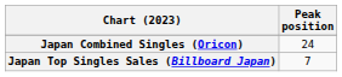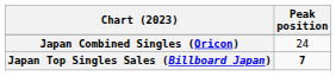 <table class="wikitable sortable plainrowheaders" style="text-align:center">
 <tr>
 <th scope="col">Chart (2023)</th>
 <th scope="col">Peak<br>position</th>
 </tr>
 <tr>
 </tr>
 <tr>
 <th scope="row">Japan Combined Singles (<a href='#'>Oricon</a>)</th>
 <td>24</td>
 </tr>
 <tr>
 <th scope="row">Japan Top Singles Sales (<em><a href='#'>Billboard Japan</a></em>)</th>
-<td>7</td>
+<td><strong>7</strong></td>
 </tr>
 </table>
